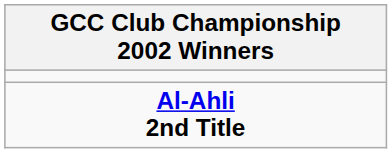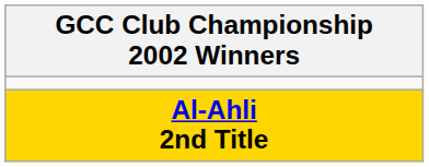 <table class="wikitable" style="text-align: center; margin: 0 auto; width: 20%">
 <tr>
 <th>GCC Club Championship <br>2002 Winners</th>
 </tr>
 <tr>
 <td></td>
 </tr>
 <tr>
-<td><strong><a href='#'>Al-Ahli</a></strong><br><strong>2nd Title</strong></td>
+<td style="background: gold;"><strong><a href='#'>Al-Ahli</a></strong><br><strong>2nd Title</strong></td>
 </tr>
 </table>
